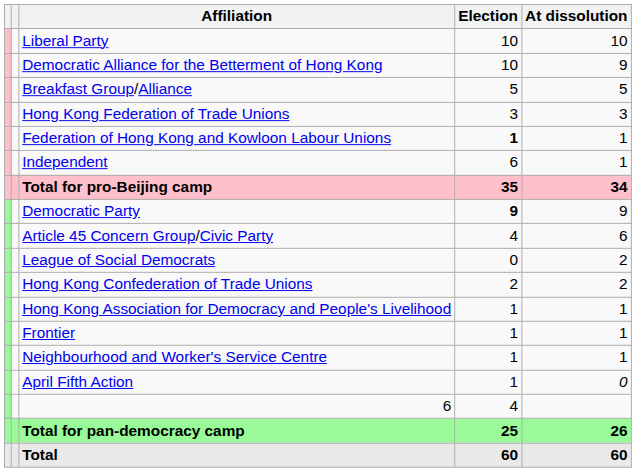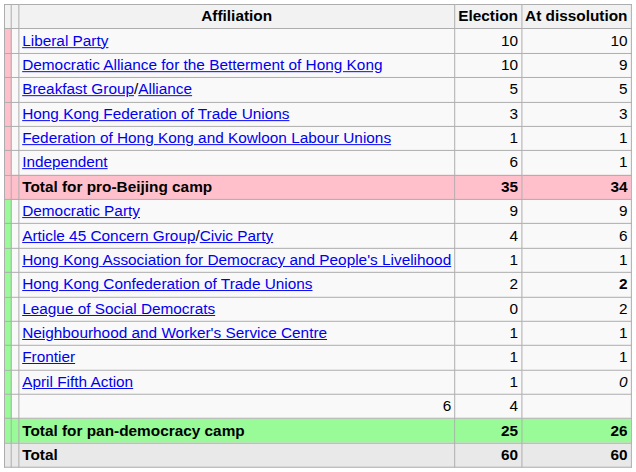 <table class="wikitable sortable">
 <tr>
 <th class="unsortable"></th>
 <th class="unsortable"></th>
 <th>Affiliation</th>
 <th>Election</th>
 <th>At dissolution</th>
 </tr>
 <tr>
 <td style="color:inherit;background:Pink;"></td>
 <td style="color:inherit;background:"></td>
 <td><a href='#'>Liberal Party</a></td>
 <td style="text-align:right;">10</td>
 <td style="text-align:right;">10</td>
 </tr>
 <tr>
 <td style="color:inherit;background:Pink;"></td>
 <td style="color:inherit;background:"></td>
 <td><a href='#'>Democratic Alliance for the Betterment of Hong Kong</a></td>
 <td style="text-align:right;">10</td>
 <td style="text-align:right;">9</td>
 </tr>
 <tr>
 <td style="color:inherit;background:Pink;"></td>
 <td style="color:inherit;background:"></td>
 <td><a href='#'>Breakfast Group</a>/<a href='#'>Alliance</a></td>
 <td style="text-align:right;">5</td>
 <td style="text-align:right;">5</td>
 </tr>
 <tr>
 <td style="color:inherit;background:Pink;"></td>
 <td style="color:inherit;background:"></td>
 <td><a href='#'>Hong Kong Federation of Trade Unions</a></td>
 <td style="text-align:right;">3</td>
 <td style="text-align:right;">3</td>
 </tr>
 <tr>
 <td style="color:inherit;background:Pink;"></td>
 <td style="color:inherit;background:"></td>
 <td><a href='#'>Federation of Hong Kong and Kowloon Labour Unions</a></td>
-<td style="text-align:right;"><strong>1</strong></td>
+<td style="text-align:right;">1</td>
 <td style="text-align:right;">1</td>
 </tr>
 <tr>
 <td style="color:inherit;background:Pink;"></td>
 <td style="color:inherit;background:"></td>
 <td><a href='#'>Independent</a></td>
 <td style="text-align:right;">6</td>
 <td style="text-align:right;">1</td>
 </tr>
 <tr style="background:Pink;">
 <td style="color:inherit;background:Pink;"></td>
 <td style="background:Pink;"></td>
 <td><strong>Total for pro-Beijing camp</strong></td>
 <td style="text-align:right; "><strong>35</strong></td>
 <td style="text-align:right; "><strong>34</strong></td>
 </tr>
 <tr>
 <td style="color:inherit;background:PaleGreen;"></td>
 <td style="color:inherit;background:"></td>
 <td><a href='#'>Democratic Party</a></td>
-<td style="text-align:right;"><strong>9</strong></td>
+<td style="text-align:right;">9</td>
 <td style="text-align:right;">9</td>
 </tr>
 <tr>
 <td style="color:inherit;background:PaleGreen;"></td>
 <td style="color:inherit;background:"></td>
 <td><a href='#'>Article 45 Concern Group</a>/<a href='#'>Civic Party</a></td>
 <td style="text-align:right;">4</td>
 <td style="text-align:right;">6</td>
 </tr>
 <tr>
 <td style="color:inherit;background:PaleGreen;"></td>
 <td style="color:inherit;background:"></td>
+<td><a href='#'>Hong Kong Association for Democracy and People's Livelihood</a></td>
+<td style="text-align:right;">1</td>
+<td style="text-align:right;">1</td>
+</tr>
+<tr>
+<td style="color:inherit;background:PaleGreen;"></td>
+<td style="color:inherit;background:"></td>
+<td><a href='#'>Hong Kong Confederation of Trade Unions</a></td>
+<td style="text-align:right;">2</td>
+<td style="text-align:right;"><strong>2</strong></td>
+</tr>
+<tr>
+<td style="color:inherit;background:PaleGreen;"></td>
+<td style="color:inherit;background:"></td>
 <td><a href='#'>League of Social Democrats</a></td>
 <td style="text-align:right;">0</td>
 <td style="text-align:right;">2</td>
 </tr>
 <tr>
 <td style="color:inherit;background:PaleGreen;"></td>
 <td style="color:inherit;background:"></td>
-<td><a href='#'>Hong Kong Confederation of Trade Unions</a></td>
-<td style="text-align:right;">2</td>
-<td style="text-align:right;">2</td>
-</tr>
-<tr>
-<td style="color:inherit;background:PaleGreen;"></td>
-<td style="color:inherit;background:"></td>
-<td><a href='#'>Hong Kong Association for Democracy and People's Livelihood</a></td>
+<td><a href='#'>Neighbourhood and Worker's Service Centre</a></td>
 <td style="text-align:right;">1</td>
 <td style="text-align:right;">1</td>
 </tr>
 <tr>
 <td style="color:inherit;background:PaleGreen;"></td>
 <td style="color:inherit;background:"></td>
 <td><a href='#'>Frontier</a></td>
-<td style="text-align:right;">1</td>
-<td style="text-align:right;">1</td>
-</tr>
-<tr>
-<td style="color:inherit;background:PaleGreen;"></td>
-<td style="color:inherit;background:"></td>
-<td><a href='#'>Neighbourhood and Worker's Service Centre</a></td>
 <td style="text-align:right;">1</td>
 <td style="text-align:right;">1</td>
 </tr>
 <tr>
 <td style="color:inherit;background:PaleGreen;"></td>
 <td style="color:inherit;background:"></td>
 <td><a href='#'>April Fifth Action</a></td>
 <td style="text-align:right;">1</td>
 <td style="text-align:right;"><em>0</em></td>
 </tr>
 <tr>
 <td style="color:inherit;background:PaleGreen;"></td>
 <td></td>
 <td style="text-align:right;">6</td>
 <td style="text-align:right;">4</td>
 </tr>
 <tr style="background:PaleGreen;">
 <td style="color:inherit;background:PaleGreen;"></td>
 <td style="background:PaleGreen;"></td>
 <td><strong>Total for pan-democracy camp</strong></td>
 <td style="text-align:right; "><strong>25</strong></td>
 <td style="text-align:right; "><strong>26</strong></td>
 </tr>
 <tr class="sortbottom" style="background:#e9e9e9;">
 <td></td>
 <td></td>
 <td><strong>Total</strong></td>
 <td style="text-align:right; "><strong>60</strong></td>
 <td style="text-align:right; "><strong>60</strong></td>
 </tr>
 </table>
